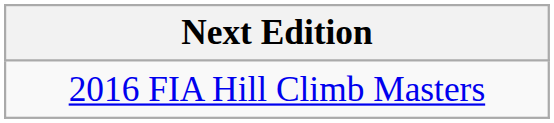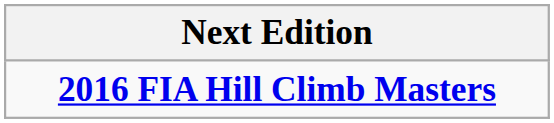 <table class="wikitable floatright" width= 247 px>
 <tr>
 <th>Next Edition</th>
 </tr>
 <tr>
-<td align="Center"><a href='#'>2016 FIA Hill Climb Masters</a></td>
+<td align="Center"><strong><a href='#'>2016 FIA Hill Climb Masters</a></strong></td>
 </tr>
 </table>
